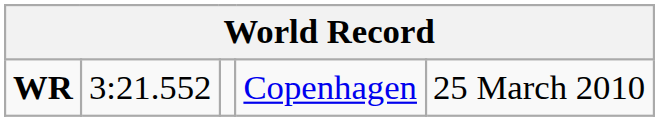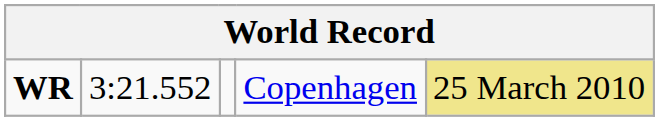 <table class="wikitable">
 <tr>
 <th colspan=5>World Record</th>
 </tr>
 <tr>
 <td><strong>WR</strong></td>
 <td>3:21.552</td>
 <td></td>
 <td> <a href='#'>Copenhagen</a></td>
-<td>25 March 2010</td>
+<td style="background: khaki;">25 March 2010</td>
 </tr>
 </table>
